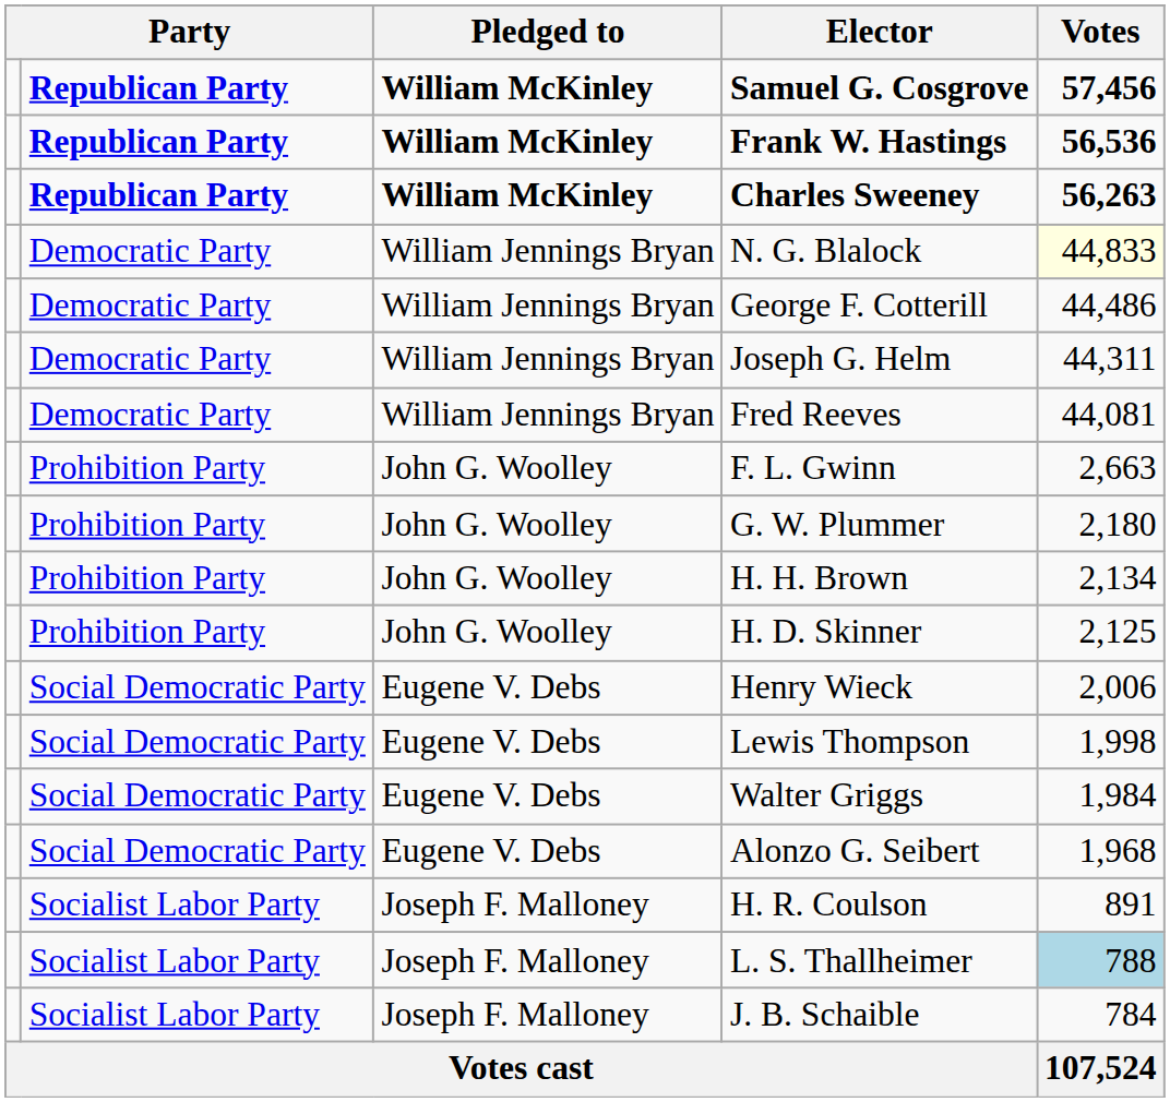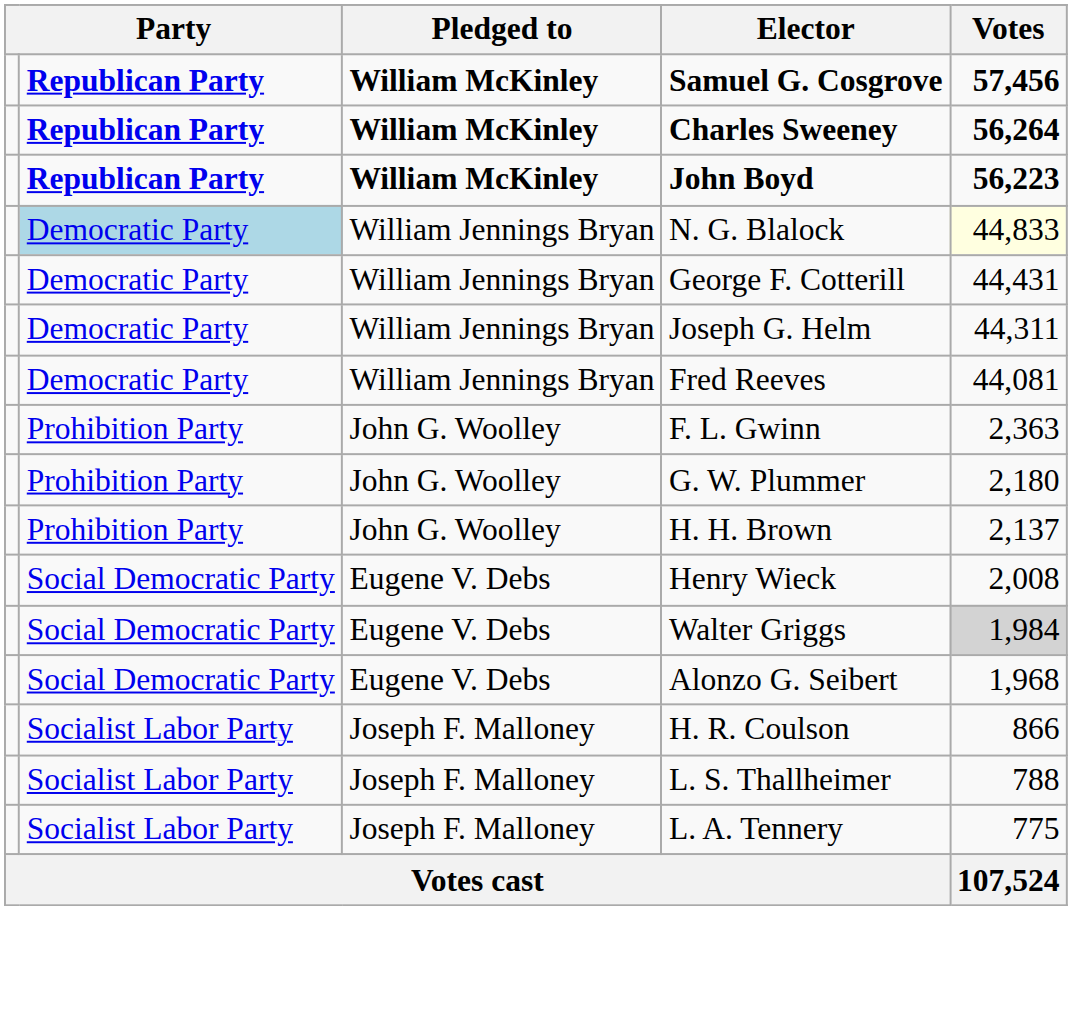 <table class="wikitable">
 <tr>
 <th colspan=2>Party</th>
 <th>Pledged to</th>
 <th>Elector</th>
 <th>Votes</th>
 </tr>
 <tr style="font-weight:bold">
 <td></td>
 <td><a href='#'>Republican Party</a></td>
 <td>William McKinley</td>
 <td>Samuel G. Cosgrove</td>
 <td align="right">57,456</td>
 </tr>
 <tr style="font-weight:bold">
 <td></td>
 <td><a href='#'>Republican Party</a></td>
 <td>William McKinley</td>
-<td>Frank W. Hastings</td>
-<td align="right">56,536</td>
+<td>Charles Sweeney</td>
+<td align="right">56,264</td>
 </tr>
 <tr style="font-weight:bold">
 <td></td>
 <td><a href='#'>Republican Party</a></td>
 <td>William McKinley</td>
-<td>Charles Sweeney</td>
-<td align="right">56,263</td>
+<td>John Boyd</td>
+<td align="right">56,223</td>
 </tr>
 <tr>
 <td></td>
-<td><a href='#'>Democratic Party</a></td>
+<td style="background: lightblue;"><a href='#'>Democratic Party</a></td>
 <td>William Jennings Bryan</td>
 <td>N. G. Blalock</td>
 <td align="right" style="background: lightyellow;">44,833</td>
 </tr>
 <tr>
 <td></td>
 <td><a href='#'>Democratic Party</a></td>
 <td>William Jennings Bryan</td>
 <td>George F. Cotterill</td>
-<td align="right">44,486</td>
+<td align="right">44,431</td>
 </tr>
 <tr>
 <td></td>
 <td><a href='#'>Democratic Party</a></td>
 <td>William Jennings Bryan</td>
 <td>Joseph G. Helm</td>
 <td align="right">44,311</td>
 </tr>
 <tr>
 <td></td>
 <td><a href='#'>Democratic Party</a></td>
 <td>William Jennings Bryan</td>
 <td>Fred Reeves</td>
 <td align="right">44,081</td>
 </tr>
 <tr>
 <td></td>
 <td><a href='#'>Prohibition Party</a></td>
 <td>John G. Woolley</td>
 <td>F. L. Gwinn</td>
-<td align="right">2,663</td>
+<td align="right">2,363</td>
 </tr>
 <tr>
 <td></td>
 <td><a href='#'>Prohibition Party</a></td>
 <td>John G. Woolley</td>
 <td>G. W. Plummer</td>
 <td align="right">2,180</td>
 </tr>
 <tr>
 <td></td>
 <td><a href='#'>Prohibition Party</a></td>
 <td>John G. Woolley</td>
 <td>H. H. Brown</td>
-<td align="right">2,134</td>
-</tr>
-<tr>
-<td></td>
-<td><a href='#'>Prohibition Party</a></td>
-<td>John G. Woolley</td>
-<td>H. D. Skinner</td>
-<td align="right">2,125</td>
+<td align="right">2,137</td>
 </tr>
 <tr>
 <td></td>
 <td><a href='#'>Social Democratic Party</a></td>
 <td>Eugene V. Debs</td>
 <td>Henry Wieck</td>
-<td align="right">2,006</td>
-</tr>
-<tr>
-<td></td>
-<td><a href='#'>Social Democratic Party</a></td>
-<td>Eugene V. Debs</td>
-<td>Lewis Thompson</td>
-<td align="right">1,998</td>
+<td align="right">2,008</td>
 </tr>
 <tr>
 <td></td>
 <td><a href='#'>Social Democratic Party</a></td>
 <td>Eugene V. Debs</td>
 <td>Walter Griggs</td>
-<td align="right">1,984</td>
+<td align="right" style="background: lightgrey;">1,984</td>
 </tr>
 <tr>
 <td></td>
 <td><a href='#'>Social Democratic Party</a></td>
 <td>Eugene V. Debs</td>
 <td>Alonzo G. Seibert</td>
 <td align="right">1,968</td>
 </tr>
 <tr>
 <td></td>
 <td><a href='#'>Socialist Labor Party</a></td>
 <td>Joseph F. Malloney</td>
 <td>H. R. Coulson</td>
-<td align="right">891</td>
+<td align="right">866</td>
 </tr>
 <tr>
 <td></td>
 <td><a href='#'>Socialist Labor Party</a></td>
 <td>Joseph F. Malloney</td>
 <td>L. S. Thallheimer</td>
-<td align="right" style="background: lightblue;">788</td>
+<td align="right">788</td>
 </tr>
 <tr>
 <td></td>
 <td><a href='#'>Socialist Labor Party</a></td>
 <td>Joseph F. Malloney</td>
-<td>J. B. Schaible</td>
-<td align="right">784</td>
+<td>L. A. Tennery</td>
+<td align="right">775</td>
 </tr>
 <tr>
 <th colspan="4">Votes cast</th>
 <th>107,524</th>
 </tr>
 </table>
